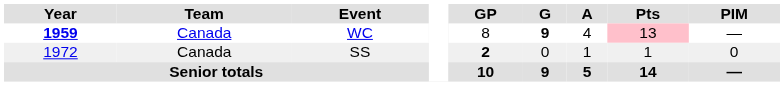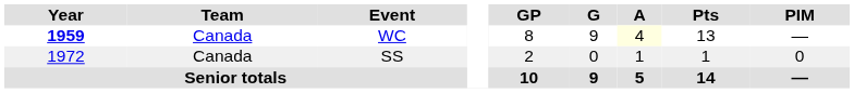 <table border="0" cellpadding="1" cellspacing="0" style="text-align:center; width:50em">
 <tr ALIGN="center" bgcolor="#e0e0e0">
 <th>Year</th>
 <th>Team</th>
 <th>Event</th>
 <th rowspan="99" bgcolor="#ffffff"> </th>
 <th>GP</th>
 <th>G</th>
 <th>A</th>
 <th>Pts</th>
 <th>PIM</th>
 </tr>
 <tr>
 <td><strong><a href='#'>1959</a></strong></td>
 <td><a href='#'>Canada</a></td>
 <td><a href='#'>WC</a></td>
 <td>8</td>
-<td><strong>9</strong></td>
-<td>4</td>
-<td style="background: pink;">13</td>
+<td>9</td>
+<td style="background: lightyellow;">4</td>
+<td>13</td>
 <td>—</td>
 </tr>
 <tr bgcolor="#f0f0f0">
 <td><a href='#'>1972</a></td>
 <td>Canada</td>
 <td>SS</td>
-<td><strong>2</strong></td>
+<td>2</td>
 <td>0</td>
 <td>1</td>
 <td>1</td>
 <td>0</td>
 </tr>
 <tr style="background:#e0e0e0;">
 <th colspan="3">Senior totals</th>
 <th>10</th>
 <th>9</th>
 <th>5</th>
 <th>14</th>
 <th>—</th>
 </tr>
 </table>
